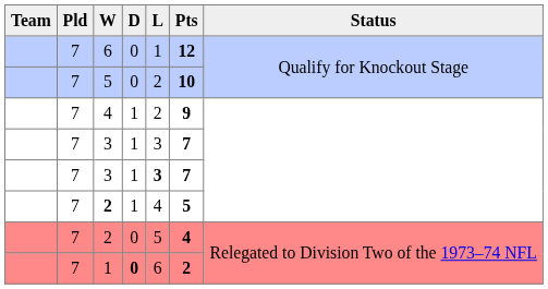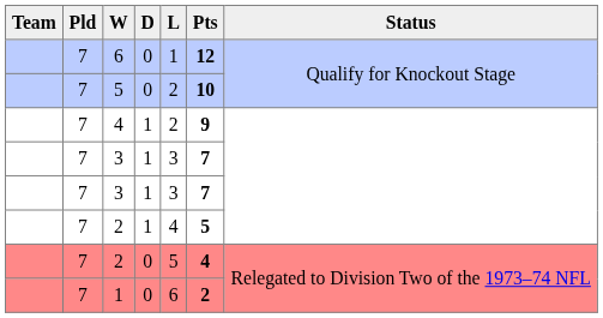 <table style=border-collapse:collapse border=1 cellspacing=0 cellpadding=5>
 <tr align=center bgcolor=#efefef>
 <th>Team</th>
 <th>Pld</th>
 <th>W</th>
 <th>D</th>
 <th>L</th>
 <th>Pts</th>
 <th>Status</th>
 </tr>
 <tr align=center style="background:#bbccff;">
 <td style="text-align:left;"> </td>
 <td>7</td>
 <td>6</td>
 <td>0</td>
 <td>1</td>
 <td><strong>12</strong></td>
 <td rowspan=2>Qualify for Knockout Stage</td>
 </tr>
 <tr align=center style="background:#bbccff;">
 <td style="text-align:left;"> </td>
 <td>7</td>
 <td>5</td>
 <td>0</td>
 <td>2</td>
 <td><strong>10</strong></td>
 </tr>
 <tr align=center style="background:#FFFFFF;">
 <td style="text-align:left;"> </td>
 <td>7</td>
 <td>4</td>
 <td>1</td>
 <td>2</td>
 <td><strong>9</strong></td>
 <td rowspan=4></td>
 </tr>
 <tr align=center style="background:#FFFFFF;">
 <td style="text-align:left;"> </td>
 <td>7</td>
 <td>3</td>
 <td>1</td>
 <td>3</td>
 <td><strong>7</strong></td>
 </tr>
 <tr align=center style="background:#FFFFFF;">
 <td style="text-align:left;"> </td>
 <td>7</td>
 <td>3</td>
 <td>1</td>
-<td><strong>3</strong></td>
+<td>3</td>
 <td><strong>7</strong></td>
 </tr>
 <tr align=center style="background:#FFFFFF;">
 <td style="text-align:left;"> </td>
 <td>7</td>
-<td><strong>2</strong></td>
+<td>2</td>
 <td>1</td>
 <td>4</td>
 <td><strong>5</strong></td>
 </tr>
 <tr align=center style="background:#FF8888;">
 <td style="text-align:left;"> </td>
 <td>7</td>
 <td>2</td>
 <td>0</td>
 <td>5</td>
 <td><strong>4</strong></td>
 <td rowspan=2>Relegated to Division Two of the <a href='#'>1973–74 NFL</a></td>
 </tr>
 <tr align=center style="background:#FF8888;">
 <td style="text-align:left;"> </td>
 <td>7</td>
 <td>1</td>
-<td><strong>0</strong></td>
+<td>0</td>
 <td>6</td>
 <td><strong>2</strong></td>
 </tr>
 </table>
